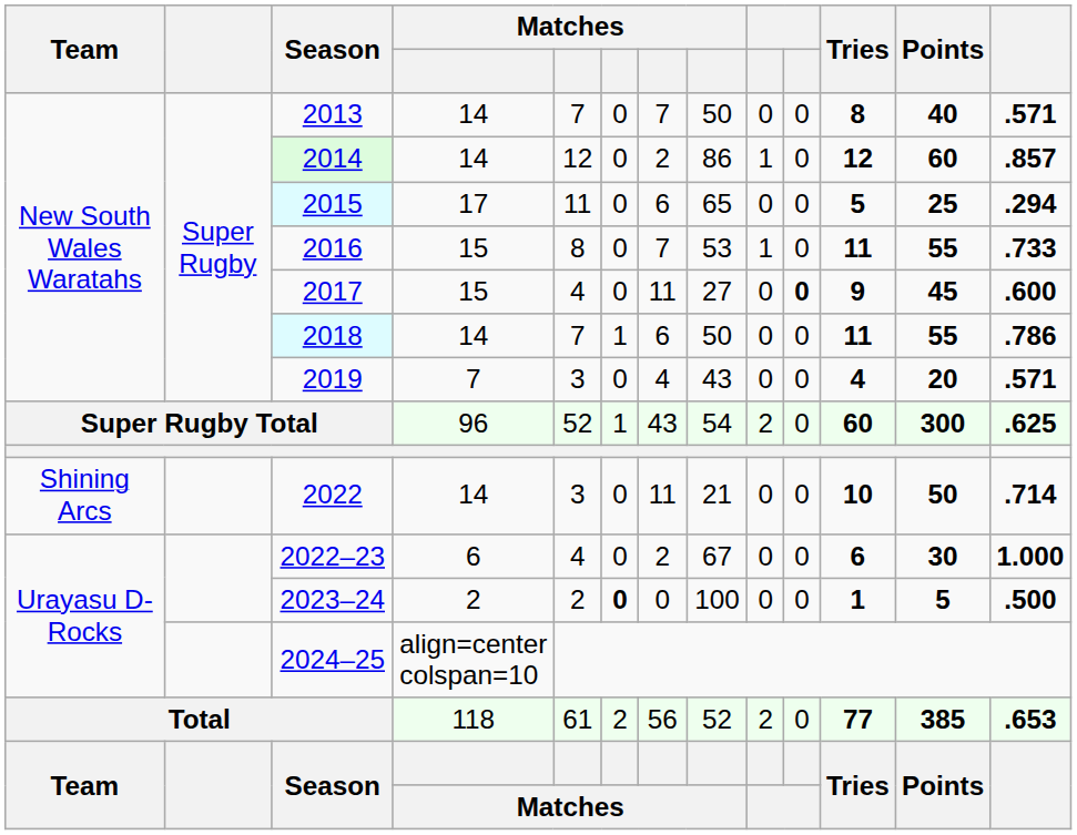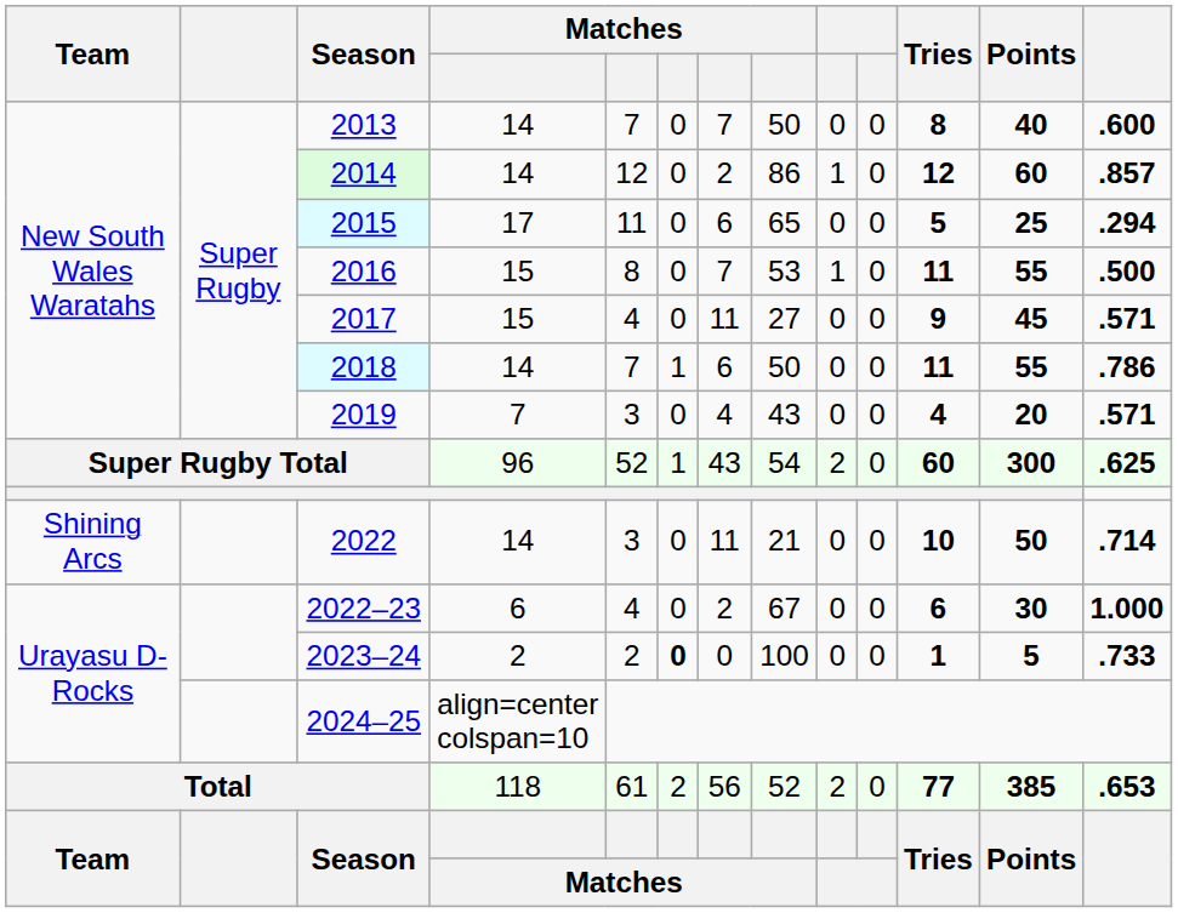 <table class="wikitable" style="font-size:96%">
 <tr>
 <th rowspan=2 width="160">Team</th>
 <th rowspan=2 width="95"></th>
 <th rowspan=2 width="95">Season</th>
 <th colspan=5>Matches</th>
 <th colspan=2></th>
 <th rowspan=2>Tries</th>
 <th rowspan=2>Points</th>
 <th rowspan=2></th>
 </tr>
 <tr>
 <th></th>
 <th></th>
 <th></th>
 <th></th>
 <th></th>
 <th><br></th>
 <th><br></th>
 </tr>
 <tr>
 <td align=center rowspan=7><a href='#'>New South Wales Waratahs</a></td>
 <td align=center rowspan=7><a href='#'>Super Rugby</a></td>
 <td align=center><a href='#'>2013</a></td>
 <td align=center width="35">14</td>
 <td align=center width="35">7</td>
 <td align=center width="35">0</td>
 <td align=center width="35">7</td>
 <td align=center width="35">50</td>
 <td align=center width="35">0</td>
 <td align=center width="35">0</td>
 <td align=center width="35"><strong>8</strong></td>
 <td align=center width="35"><strong>40</strong></td>
-<td align=center width="35"><strong>.571</strong></td>
+<td align=center width="35"><strong>.600</strong></td>
 </tr>
 <tr>
 <td align=center bgcolor=#DDFCDD><a href='#'>2014</a></td>
 <td align=center width="35">14</td>
 <td align=center width="35">12</td>
 <td align=center width="35">0</td>
 <td align=center width="35">2</td>
 <td align=center width="35">86</td>
 <td align=center width="35">1</td>
 <td align=center width="35">0</td>
 <td align=center width="35"><strong>12</strong></td>
 <td align=center width="35"><strong>60</strong></td>
 <td align=center width="35"><strong>.857</strong></td>
 </tr>
 <tr>
 <td align=center bgcolor=#DDFCFF><a href='#'>2015</a></td>
 <td align=center width="35">17</td>
 <td align=center width="35">11</td>
 <td align=center width="35">0</td>
 <td align=center width="35">6</td>
 <td align=center width="35">65</td>
 <td align=center width="35">0</td>
 <td align=center width="35">0</td>
 <td align=center width="35"><strong>5</strong></td>
 <td align=center width="35"><strong>25</strong></td>
 <td align=center width="35"><strong>.294</strong></td>
 </tr>
 <tr>
 <td align=center><a href='#'>2016</a></td>
 <td align=center width="35">15</td>
 <td align=center width="35">8</td>
 <td align=center width="35">0</td>
 <td align=center width="35">7</td>
 <td align=center width="35">53</td>
 <td align=center width="35">1</td>
 <td align=center width="35">0</td>
 <td align=center width="35"><strong>11</strong></td>
 <td align=center width="35"><strong>55</strong></td>
-<td align=center width="35"><strong>.733</strong></td>
+<td align=center width="35"><strong>.500</strong></td>
 </tr>
 <tr>
 <td align=center><a href='#'>2017</a></td>
 <td align=center width="35">15</td>
 <td align=center width="35">4</td>
 <td align=center width="35">0</td>
 <td align=center width="35">11</td>
 <td align=center width="35">27</td>
 <td align=center width="35">0</td>
-<td align=center width="35"><strong>0</strong></td>
+<td align=center width="35">0</td>
 <td align=center width="35"><strong>9</strong></td>
 <td align=center width="35"><strong>45</strong></td>
-<td align=center width="35"><strong>.600</strong></td>
+<td align=center width="35"><strong>.571</strong></td>
 </tr>
 <tr>
 <td align=center bgcolor=#DDFCFF><a href='#'>2018</a></td>
 <td align=center width="35">14</td>
 <td align=center width="35">7</td>
 <td align=center width="35">1</td>
 <td align=center width="35">6</td>
 <td align=center width="35">50</td>
 <td align=center width="35">0</td>
 <td align=center width="35">0</td>
 <td align=center width="35"><strong>11</strong></td>
 <td align=center width="35"><strong>55</strong></td>
 <td align=center width="35"><strong>.786</strong></td>
 </tr>
 <tr>
 <td align=center><a href='#'>2019</a></td>
 <td align=center width="35">7</td>
 <td align=center width="35">3</td>
 <td align=center width="35">0</td>
 <td align=center width="35">4</td>
 <td align=center width="35">43</td>
 <td align=center width="35">0</td>
 <td align=center width="35">0</td>
 <td align=center width="35"><strong>4</strong></td>
 <td align=center width="35"><strong>20</strong></td>
 <td align=center width="35"><strong>.571</strong></td>
 </tr>
 <tr>
 <th colspan=3>Super Rugby Total</th>
 <td align=center bgcolor=#EEFFEE>96</td>
 <td align=center bgcolor=#EEFFEE>52</td>
 <td align=center bgcolor=#EEFFEE>1</td>
 <td align=center bgcolor=#EEFFEE>43</td>
 <td align=center bgcolor=#EEFFEE>54</td>
 <td align=center bgcolor=#EEFFEE>2</td>
 <td align=center bgcolor=#EEFFEE>0</td>
 <td align=center bgcolor=#EEFFEE><strong>60</strong></td>
 <td align=center bgcolor=#EEFFEE><strong>300</strong></td>
 <td align=center bgcolor=#EEFFEE><strong>.625</strong></td>
 </tr>
 <tr>
 <th colspan=12></th>
 </tr>
 <tr>
 <td align=center><a href='#'>Shining Arcs</a></td>
 <td align=center></td>
 <td align=center><a href='#'>2022</a></td>
 <td align=center width="35">14</td>
 <td align=center width="35">3</td>
 <td align=center width="35">0</td>
 <td align=center width="35">11</td>
 <td align=center width="35">21</td>
 <td align=center width="35">0</td>
 <td align=center width="35">0</td>
 <td align=center width="35"><strong>10</strong></td>
 <td align=center width="35"><strong>50</strong></td>
 <td align=center width="35"><strong>.714</strong></td>
 </tr>
 <tr>
 <td align=center rowspan=3><a href='#'>Urayasu D-Rocks</a></td>
 <td align=center rowspan=2></td>
 <td align=center><a href='#'>2022–23</a></td>
 <td align=center width="35">6</td>
 <td align=center width="35">4</td>
 <td align=center width="35">0</td>
 <td align=center width="35">2</td>
 <td align=center width="35">67</td>
 <td align=center width="35">0</td>
 <td align=center width="35">0</td>
 <td align=center width="35"><strong>6</strong></td>
 <td align=center width="35"><strong>30</strong></td>
 <td align=center width="35"><strong>1.000</strong></td>
 </tr>
 <tr>
 <td align=center><a href='#'>2023–24</a></td>
 <td align=center width="35">2</td>
 <td align=center width="35">2</td>
 <td align=center width="35"><strong>0</strong></td>
 <td align=center width="35">0</td>
 <td align=center width="35">100</td>
 <td align=center width="35">0</td>
 <td align=center width="35">0</td>
 <td align=center width="35"><strong>1</strong></td>
 <td align=center width="35"><strong>5</strong></td>
-<td align=center width="35"><strong>.500</strong></td>
+<td align=center width="35"><strong>.733</strong></td>
 </tr>
 <tr>
 <td align=center></td>
 <td align=center><a href='#'>2024–25</a></td>
 <td>align=center colspan=10 </td>
 </tr>
 <tr>
 <th colspan=3>Total</th>
 <td align=center bgcolor=#EEFFEE>118</td>
 <td align=center bgcolor=#EEFFEE>61</td>
 <td align=center bgcolor=#EEFFEE>2</td>
 <td align=center bgcolor=#EEFFEE>56</td>
 <td align=center bgcolor=#EEFFEE>52</td>
 <td align=center bgcolor=#EEFFEE>2</td>
 <td align=center bgcolor=#EEFFEE>0</td>
 <td align=center bgcolor=#EEFFEE><strong>77</strong></td>
 <td align=center bgcolor=#EEFFEE><strong>385</strong></td>
 <td align=center bgcolor=#EEFFEE><strong>.653</strong></td>
 </tr>
 <tr>
 <th rowspan=2 width="160">Team</th>
 <th rowspan=2 width="95"></th>
 <th rowspan=2 width="95">Season</th>
 <th></th>
 <th></th>
 <th></th>
 <th></th>
 <th></th>
 <th><br></th>
 <th><br></th>
 <th rowspan=2>Tries</th>
 <th rowspan=2>Points</th>
 <th rowspan=2></th>
 </tr>
 <tr>
 <th colspan=5>Matches</th>
 <th colspan=2></th>
 </tr>
 </table>
